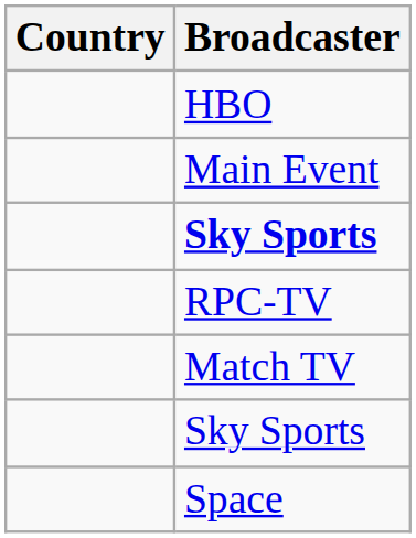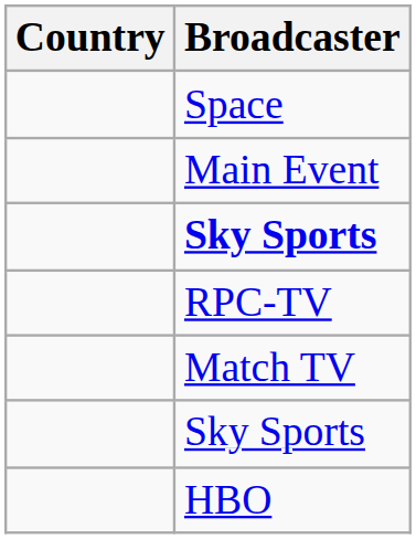 <table class="wikitable sortable">
 <tr>
 <th align=center>Country</th>
 <th align=center>Broadcaster</th>
 </tr>
 <tr>
 <td></td>
-<td><a href='#'>HBO</a></td>
+<td><a href='#'>Space</a></td>
 </tr>
 <tr>
 <td></td>
 <td><a href='#'>Main Event</a></td>
 </tr>
 <tr>
 <td></td>
 <td><strong><a href='#'>Sky Sports</a></strong></td>
 </tr>
 <tr>
 <td></td>
 <td><a href='#'>RPC-TV</a></td>
 </tr>
 <tr>
 <td></td>
 <td><a href='#'>Match TV</a></td>
 </tr>
 <tr>
 <td></td>
 <td><a href='#'>Sky Sports</a></td>
 </tr>
 <tr>
 <td></td>
-<td><a href='#'>Space</a></td>
+<td><a href='#'>HBO</a></td>
 </tr>
 </table>
